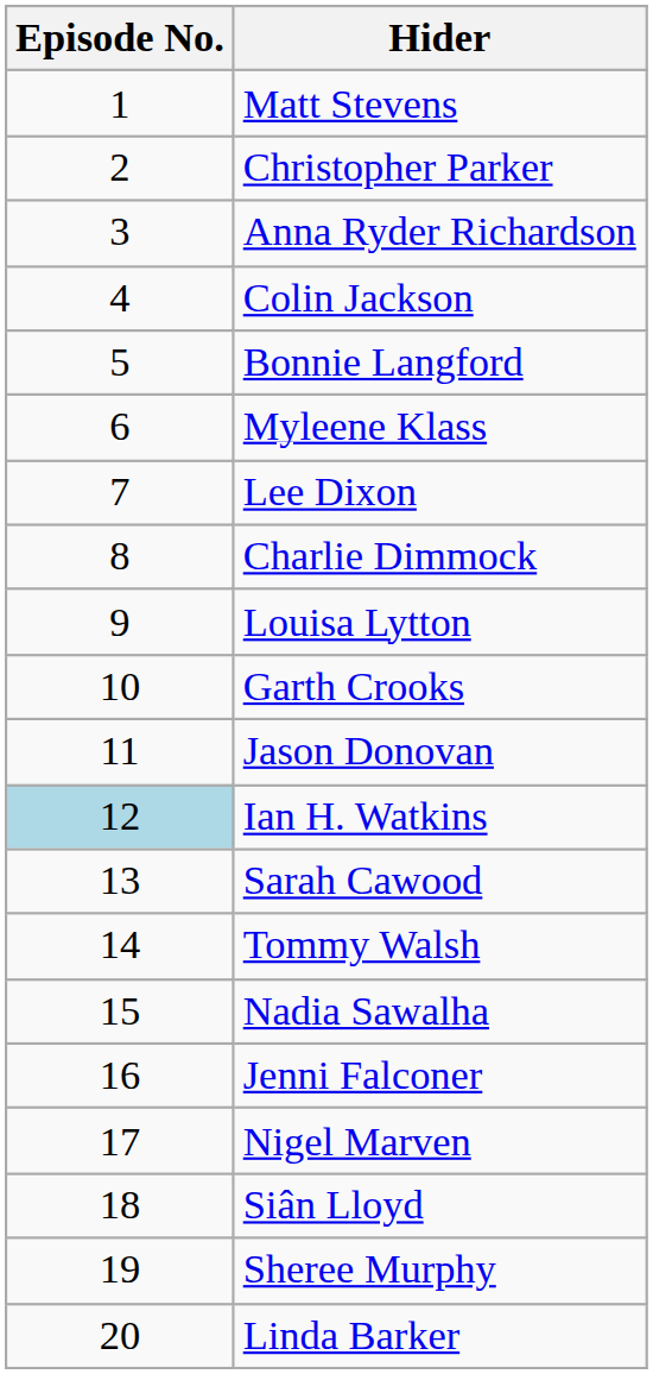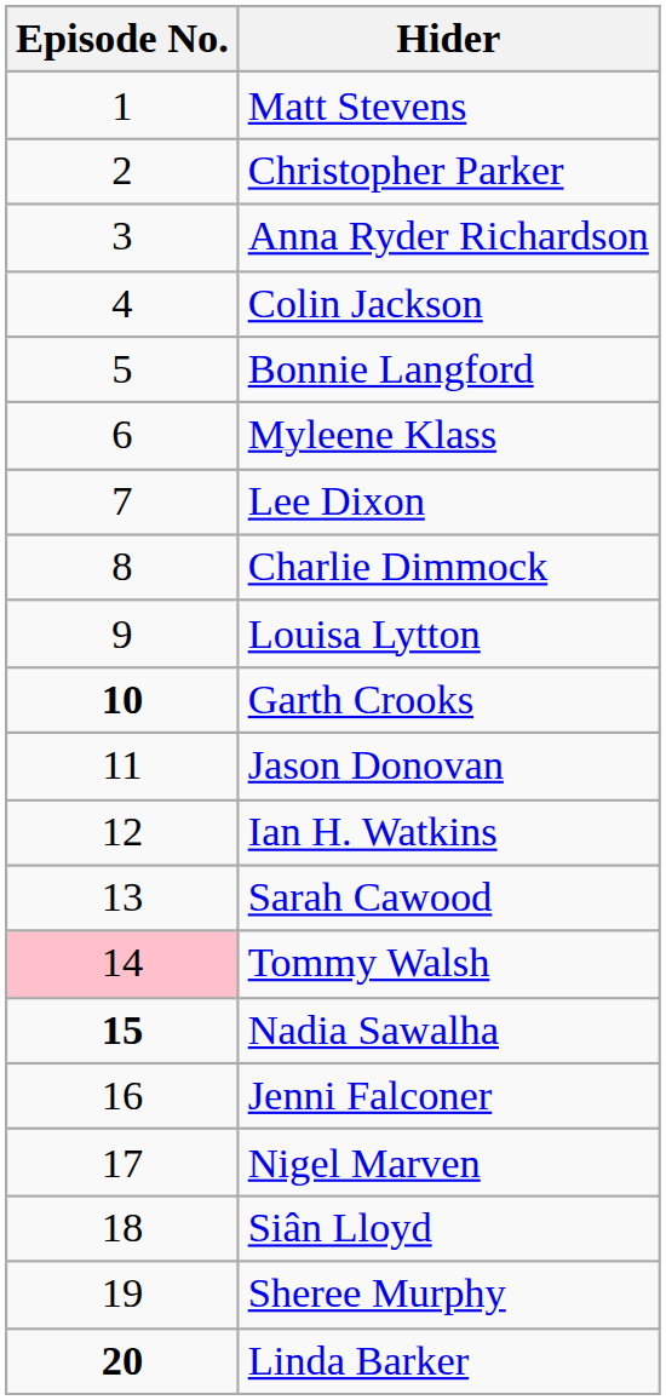 <table class="wikitable">
 <tr>
 <th>Episode No.</th>
 <th>Hider</th>
 </tr>
 <tr>
 <td align=center>1</td>
 <td><a href='#'>Matt Stevens</a></td>
 </tr>
 <tr>
 <td align=center>2</td>
 <td><a href='#'>Christopher Parker</a></td>
 </tr>
 <tr>
 <td align=center>3</td>
 <td><a href='#'>Anna Ryder Richardson</a></td>
 </tr>
 <tr>
 <td align=center>4</td>
 <td><a href='#'>Colin Jackson</a></td>
 </tr>
 <tr>
 <td align=center>5</td>
 <td><a href='#'>Bonnie Langford</a></td>
 </tr>
 <tr>
 <td align=center>6</td>
 <td><a href='#'>Myleene Klass</a></td>
 </tr>
 <tr>
 <td align=center>7</td>
 <td><a href='#'>Lee Dixon</a></td>
 </tr>
 <tr>
 <td align=center>8</td>
 <td><a href='#'>Charlie Dimmock</a></td>
 </tr>
 <tr>
 <td align=center>9</td>
 <td><a href='#'>Louisa Lytton</a></td>
 </tr>
 <tr>
-<td align=center>10</td>
+<td align=center><strong>10</strong></td>
 <td><a href='#'>Garth Crooks</a></td>
 </tr>
 <tr>
 <td align=center>11</td>
 <td><a href='#'>Jason Donovan</a></td>
 </tr>
 <tr>
-<td align=center style="background: lightblue;">12</td>
+<td align=center>12</td>
 <td><a href='#'>Ian H. Watkins</a></td>
 </tr>
 <tr>
 <td align=center>13</td>
 <td><a href='#'>Sarah Cawood</a></td>
 </tr>
 <tr>
-<td align=center>14</td>
+<td align=center style="background: pink;">14</td>
 <td><a href='#'>Tommy Walsh</a></td>
 </tr>
 <tr>
-<td align=center>15</td>
+<td align=center><strong>15</strong></td>
 <td><a href='#'>Nadia Sawalha</a></td>
 </tr>
 <tr>
 <td align=center>16</td>
 <td><a href='#'>Jenni Falconer</a></td>
 </tr>
 <tr>
 <td align=center>17</td>
 <td><a href='#'>Nigel Marven</a></td>
 </tr>
 <tr>
 <td align=center>18</td>
 <td><a href='#'>Siân Lloyd</a></td>
 </tr>
 <tr>
 <td align=center>19</td>
 <td><a href='#'>Sheree Murphy</a></td>
 </tr>
 <tr>
-<td align=center>20</td>
+<td align=center><strong>20</strong></td>
 <td><a href='#'>Linda Barker</a></td>
 </tr>
 </table>
